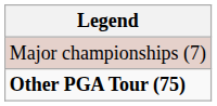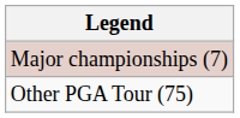 <table class="wikitable" style="font-size:95%;">
 <tr>
 <th>Legend</th>
 </tr>
 <tr style="background:#e5d1cb;">
 <td>Major championships (7)</td>
 </tr>
 <tr>
-<td><strong>Other PGA Tour (75)</strong></td>
+<td>Other PGA Tour (75)</td>
 </tr>
 </table>
